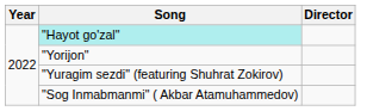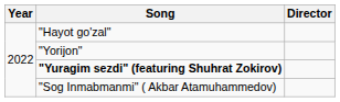 <table class="wikitable" style="text-align:left;">
 <tr>
 <th>Year</th>
 <th>Song</th>
 <th>Director</th>
 </tr>
 <tr>
 <td rowspan="4">2022</td>
-<td style="background: paleturquoise;">"Hayot go'zal"</td>
+<td>"Hayot go'zal"</td>
 <td></td>
 </tr>
 <tr>
 <td>"Yorijon"</td>
 <td></td>
 </tr>
 <tr>
-<td>"Yuragim sezdi" (featuring Shuhrat Zokirov)</td>
+<td><strong>"Yuragim sezdi" (featuring Shuhrat Zokirov)</strong></td>
 <td></td>
 </tr>
 <tr>
 <td>"Sog Inmabmanmi" ( Akbar Atamuhammedov)</td>
 <td></td>
 </tr>
 </table>
